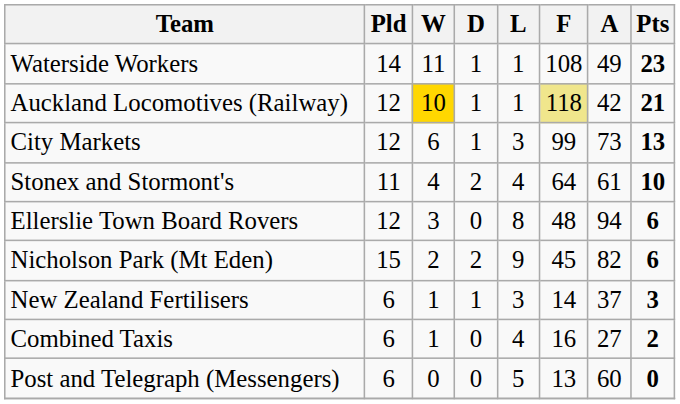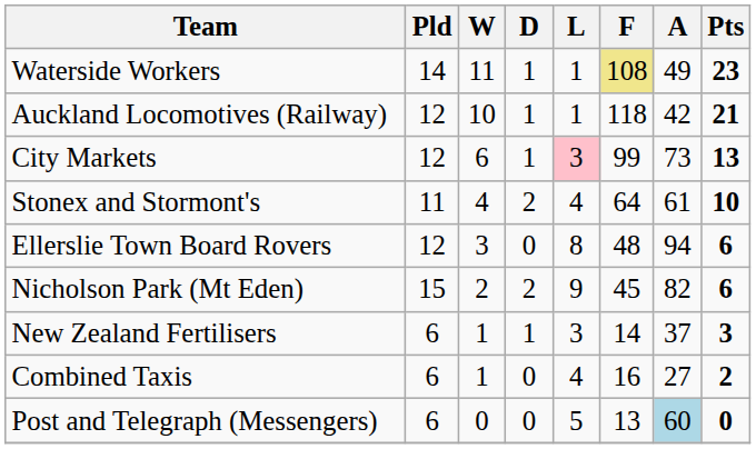 <table class="wikitable" style="text-align:center;">
 <tr>
 <th width=225>Team</th>
 <th width=20 abbr="Played">Pld</th>
 <th width=20 abbr="Won">W</th>
 <th width=20 abbr="Drawn">D</th>
 <th width=20 abbr="Lost">L</th>
 <th width=20 abbr="For">F</th>
 <th width=20 abbr="Against">A</th>
 <th width=20 abbr="Points">Pts</th>
 </tr>
 <tr>
 <td style="text-align:left;">Waterside Workers</td>
 <td>14</td>
 <td>11</td>
 <td>1</td>
 <td>1</td>
-<td>108</td>
+<td style="background: khaki;">108</td>
 <td>49</td>
 <td><strong>23</strong></td>
 </tr>
 <tr>
 <td style="text-align:left;">Auckland Locomotives (Railway)</td>
 <td>12</td>
-<td style="background: gold;">10</td>
+<td>10</td>
 <td>1</td>
 <td>1</td>
-<td style="background: khaki;">118</td>
+<td>118</td>
 <td>42</td>
 <td><strong>21</strong></td>
 </tr>
 <tr>
 <td style="text-align:left;">City Markets</td>
 <td>12</td>
 <td>6</td>
 <td>1</td>
-<td>3</td>
+<td style="background: pink;">3</td>
 <td>99</td>
 <td>73</td>
 <td><strong>13</strong></td>
 </tr>
 <tr>
 <td style="text-align:left;">Stonex and Stormont's</td>
 <td>11</td>
 <td>4</td>
 <td>2</td>
 <td>4</td>
 <td>64</td>
 <td>61</td>
 <td><strong>10</strong></td>
 </tr>
 <tr>
 <td style="text-align:left;">Ellerslie Town Board Rovers</td>
 <td>12</td>
 <td>3</td>
 <td>0</td>
 <td>8</td>
 <td>48</td>
 <td>94</td>
 <td><strong>6</strong></td>
 </tr>
 <tr>
 <td style="text-align:left;">Nicholson Park (Mt Eden)</td>
 <td>15</td>
 <td>2</td>
 <td>2</td>
 <td>9</td>
 <td>45</td>
 <td>82</td>
 <td><strong>6</strong></td>
 </tr>
 <tr>
 <td style="text-align:left;">New Zealand Fertilisers</td>
 <td>6</td>
 <td>1</td>
 <td>1</td>
 <td>3</td>
 <td>14</td>
 <td>37</td>
 <td><strong>3</strong></td>
 </tr>
 <tr>
 <td style="text-align:left;">Combined Taxis</td>
 <td>6</td>
 <td>1</td>
 <td>0</td>
 <td>4</td>
 <td>16</td>
 <td>27</td>
 <td><strong>2</strong></td>
 </tr>
 <tr>
 <td style="text-align:left;">Post and Telegraph (Messengers)</td>
 <td>6</td>
 <td>0</td>
 <td>0</td>
 <td>5</td>
 <td>13</td>
-<td>60</td>
+<td style="background: lightblue;">60</td>
 <td><strong>0</strong></td>
 </tr>
 <tr>
 </tr>
 </table>
